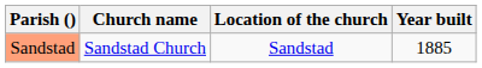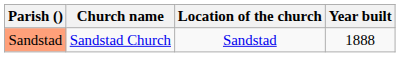 <table class="wikitable" style="text-align:center">
 <tr>
 <th>Parish ()</th>
 <th>Church name</th>
 <th>Location of the church</th>
 <th>Year built</th>
 </tr>
 <tr>
 <td rowspan="1" style="background: lightsalmon;">Sandstad</td>
 <td><a href='#'>Sandstad Church</a></td>
 <td><a href='#'>Sandstad</a></td>
-<td>1885</td>
+<td>1888</td>
 </tr>
 </table>
